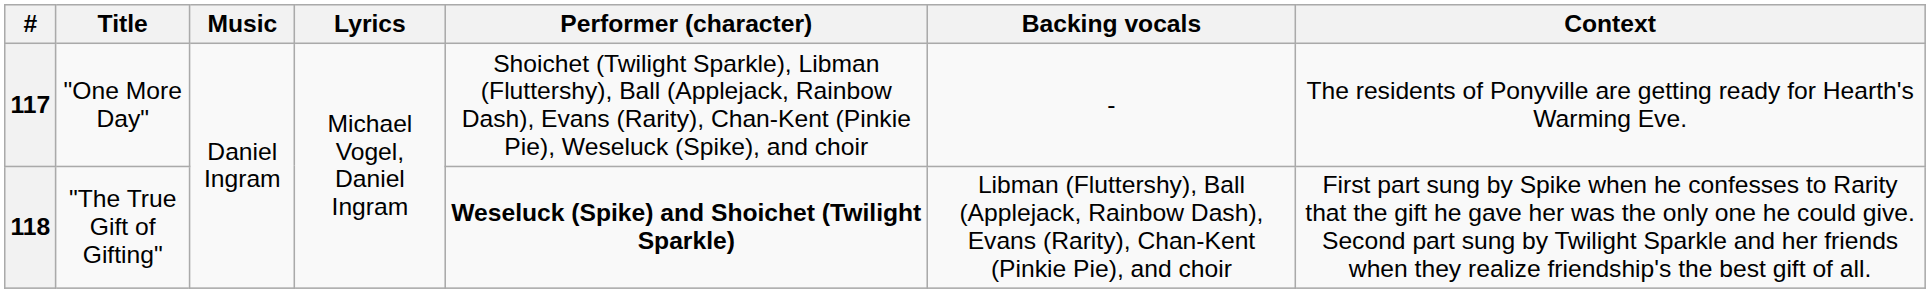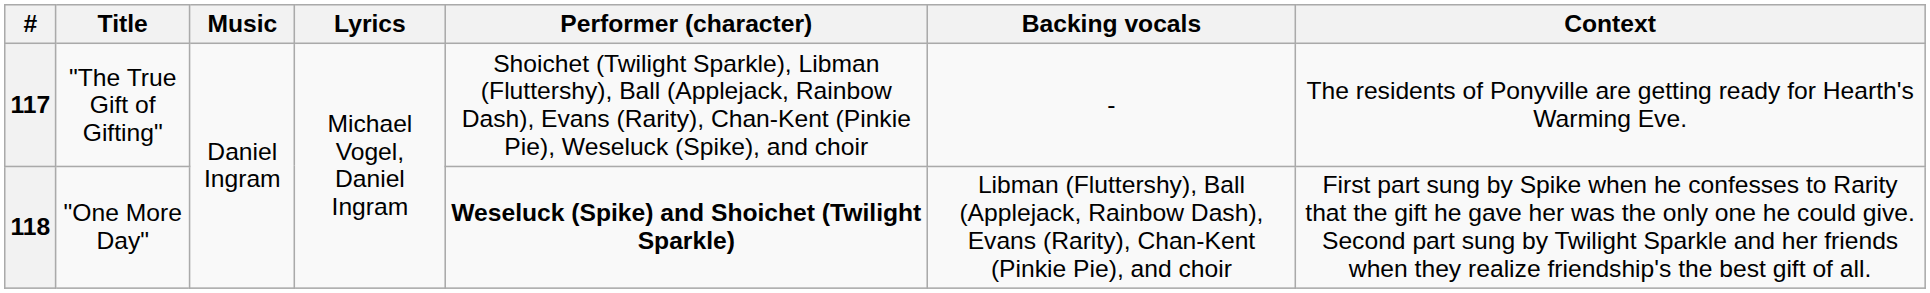 <table class="wikitable sortable" style="text-align: center">
 <tr>
 <th>#</th>
 <th><strong>Title</strong></th>
 <th>Music</th>
 <th>Lyrics</th>
 <th><strong>Performer (character)</strong></th>
 <th><strong>Backing vocals</strong></th>
 <th>Context</th>
 </tr>
 <tr>
 <th>117</th>
-<td>"One More Day"</td>
+<td>"The True Gift of Gifting"</td>
 <td rowspan=2>Daniel Ingram</td>
 <td rowspan=2>Michael Vogel, Daniel Ingram</td>
 <td>Shoichet (Twilight Sparkle), Libman (Fluttershy), Ball (Applejack, Rainbow Dash), Evans (Rarity), Chan-Kent (Pinkie Pie), Weseluck (Spike), and choir</td>
 <td>-</td>
 <td>The residents of Ponyville are getting ready for Hearth's Warming Eve.</td>
 </tr>
 <tr>
 <th>118</th>
-<td>"The True Gift of Gifting"</td>
+<td>"One More Day"</td>
 <td><strong>Weseluck (Spike) and Shoichet (Twilight Sparkle)</strong></td>
 <td>Libman (Fluttershy), Ball (Applejack, Rainbow Dash), Evans (Rarity), Chan-Kent (Pinkie Pie), and choir</td>
 <td>First part sung by Spike when he confesses to Rarity that the gift he gave her was the only one he could give. Second part sung by Twilight Sparkle and her friends when they realize friendship's the best gift of all.</td>
 </tr>
 </table>
